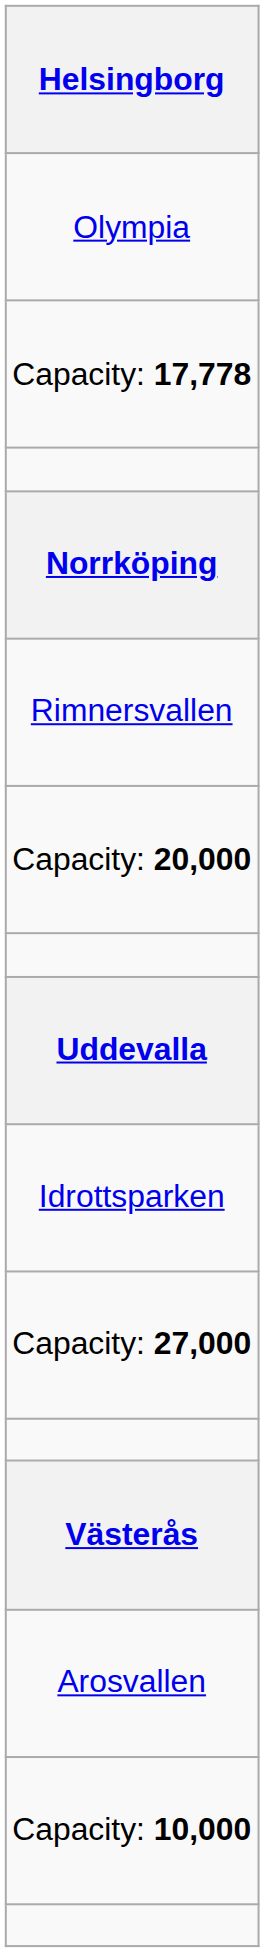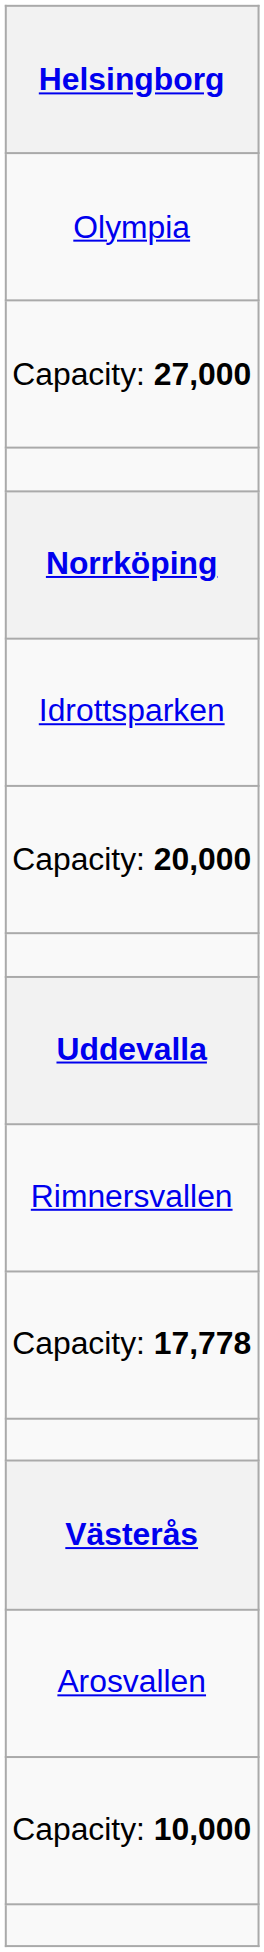 <table class="wikitable" style="text-align:center; float:right; height:976.4px">
 <tr>
 <th><a href='#'>Helsingborg</a></th>
 </tr>
 <tr>
 <td><a href='#'>Olympia</a></td>
 </tr>
 <tr>
-<td>Capacity: <strong>17,778</strong></td>
+<td>Capacity: <strong>27,000</strong></td>
 </tr>
 <tr>
 <td></td>
 </tr>
 <tr>
 <th><a href='#'>Norrköping</a></th>
 </tr>
 <tr>
-<td><a href='#'>Rimnersvallen</a></td>
+<td><a href='#'>Idrottsparken</a></td>
 </tr>
 <tr>
 <td>Capacity: <strong>20,000</strong></td>
 </tr>
 <tr>
 <td></td>
 </tr>
 <tr>
 <th><a href='#'>Uddevalla</a></th>
 </tr>
 <tr>
-<td><a href='#'>Idrottsparken</a></td>
+<td><a href='#'>Rimnersvallen</a></td>
 </tr>
 <tr>
-<td>Capacity: <strong>27,000</strong></td>
+<td>Capacity: <strong>17,778</strong></td>
 </tr>
 <tr>
 <td></td>
 </tr>
 <tr>
 <th><a href='#'>Västerås</a></th>
 </tr>
 <tr>
 <td><a href='#'>Arosvallen</a></td>
 </tr>
 <tr>
 <td>Capacity: <strong>10,000</strong></td>
 </tr>
 <tr>
 <td></td>
 </tr>
 </table>
